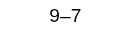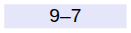 <table style="text-align:center">
 <tr>
 <th width=200></th>
 <th width=100></th>
 <th width=200></th>
 </tr>
 <tr>
 <td align=right><strong></strong></td>
-<td>9–7</td>
+<td style="background: lavender;">9–7</td>
 <td align=left></td>
 </tr>
 </table>
